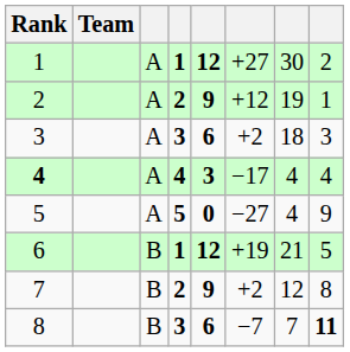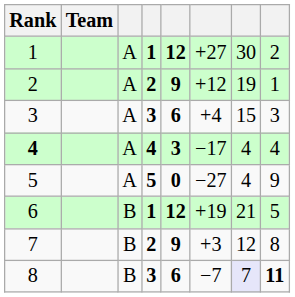 <table class="wikitable" style="text-align:center;">
 <tr>
 <th>Rank</th>
 <th>Team</th>
 <th></th>
 <th></th>
 <th></th>
 <th></th>
 <th></th>
 <th></th>
 </tr>
 <tr style="background-color:#CCFFCC;">
 <td>1</td>
 <td align=left></td>
 <td>A</td>
 <td><strong>1</strong></td>
 <td><strong>12</strong></td>
 <td>+27</td>
 <td>30</td>
 <td>2</td>
 </tr>
 <tr style="background-color:#CCFFCC;">
 <td>2</td>
 <td align=left></td>
 <td>A</td>
 <td><strong>2</strong></td>
 <td><strong>9</strong></td>
 <td>+12</td>
 <td>19</td>
 <td>1</td>
 </tr>
 <tr>
 <td>3</td>
 <td align=left></td>
 <td>A</td>
 <td><strong>3</strong></td>
 <td><strong>6</strong></td>
-<td>+2</td>
-<td>18</td>
+<td>+4</td>
+<td>15</td>
 <td>3</td>
 </tr>
 <tr style="background-color:#CCFFCC;">
 <td><strong>4</strong></td>
 <td align=left></td>
 <td>A</td>
 <td><strong>4</strong></td>
 <td><strong>3</strong></td>
 <td>−17</td>
 <td>4</td>
 <td>4</td>
 </tr>
 <tr>
 <td>5</td>
 <td align=left></td>
 <td>A</td>
 <td><strong>5</strong></td>
 <td><strong>0</strong></td>
 <td>−27</td>
 <td>4</td>
 <td>9</td>
 </tr>
 <tr style="background-color:#CCFFCC;">
 <td>6</td>
 <td align=left></td>
 <td>B</td>
 <td><strong>1</strong></td>
 <td><strong>12</strong></td>
 <td>+19</td>
 <td>21</td>
 <td>5</td>
 </tr>
 <tr>
 <td>7</td>
 <td align=left></td>
 <td>B</td>
 <td><strong>2</strong></td>
 <td><strong>9</strong></td>
-<td>+2</td>
+<td>+3</td>
 <td>12</td>
 <td>8</td>
 </tr>
 <tr>
 <td>8</td>
 <td align=left></td>
 <td>B</td>
 <td><strong>3</strong></td>
 <td><strong>6</strong></td>
 <td>−7</td>
-<td>7</td>
+<td style="background: lavender;">7</td>
 <td><strong>11</strong></td>
 </tr>
 </table>
